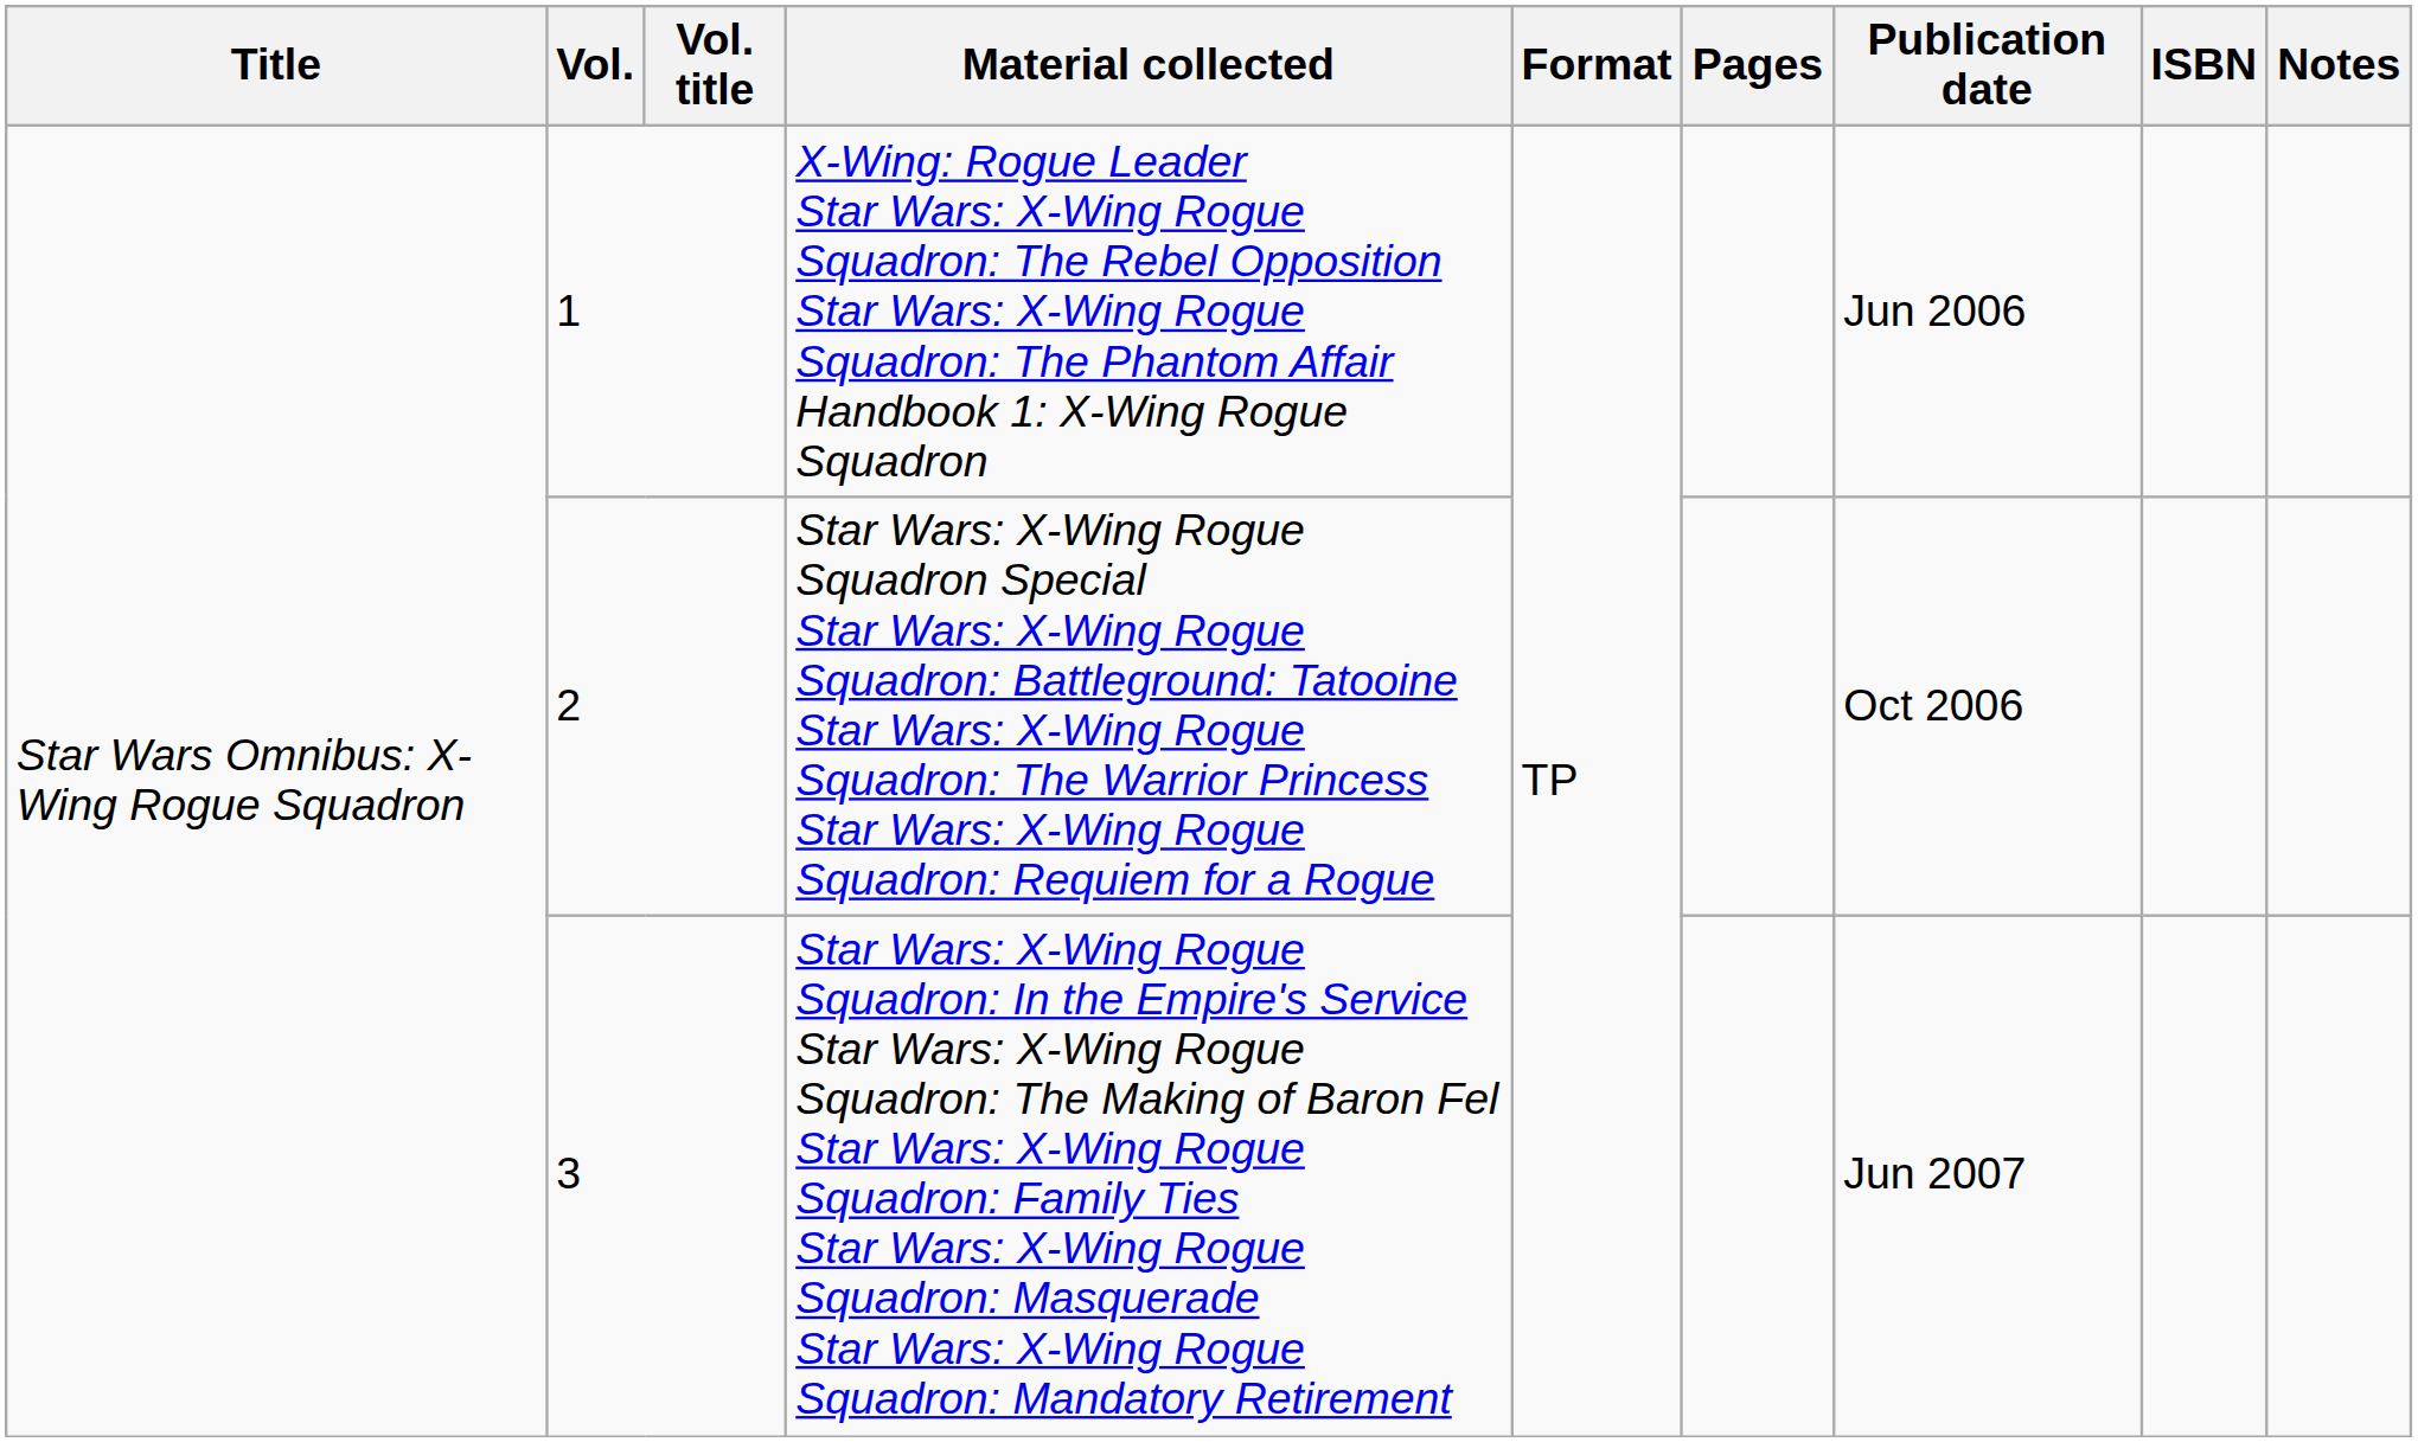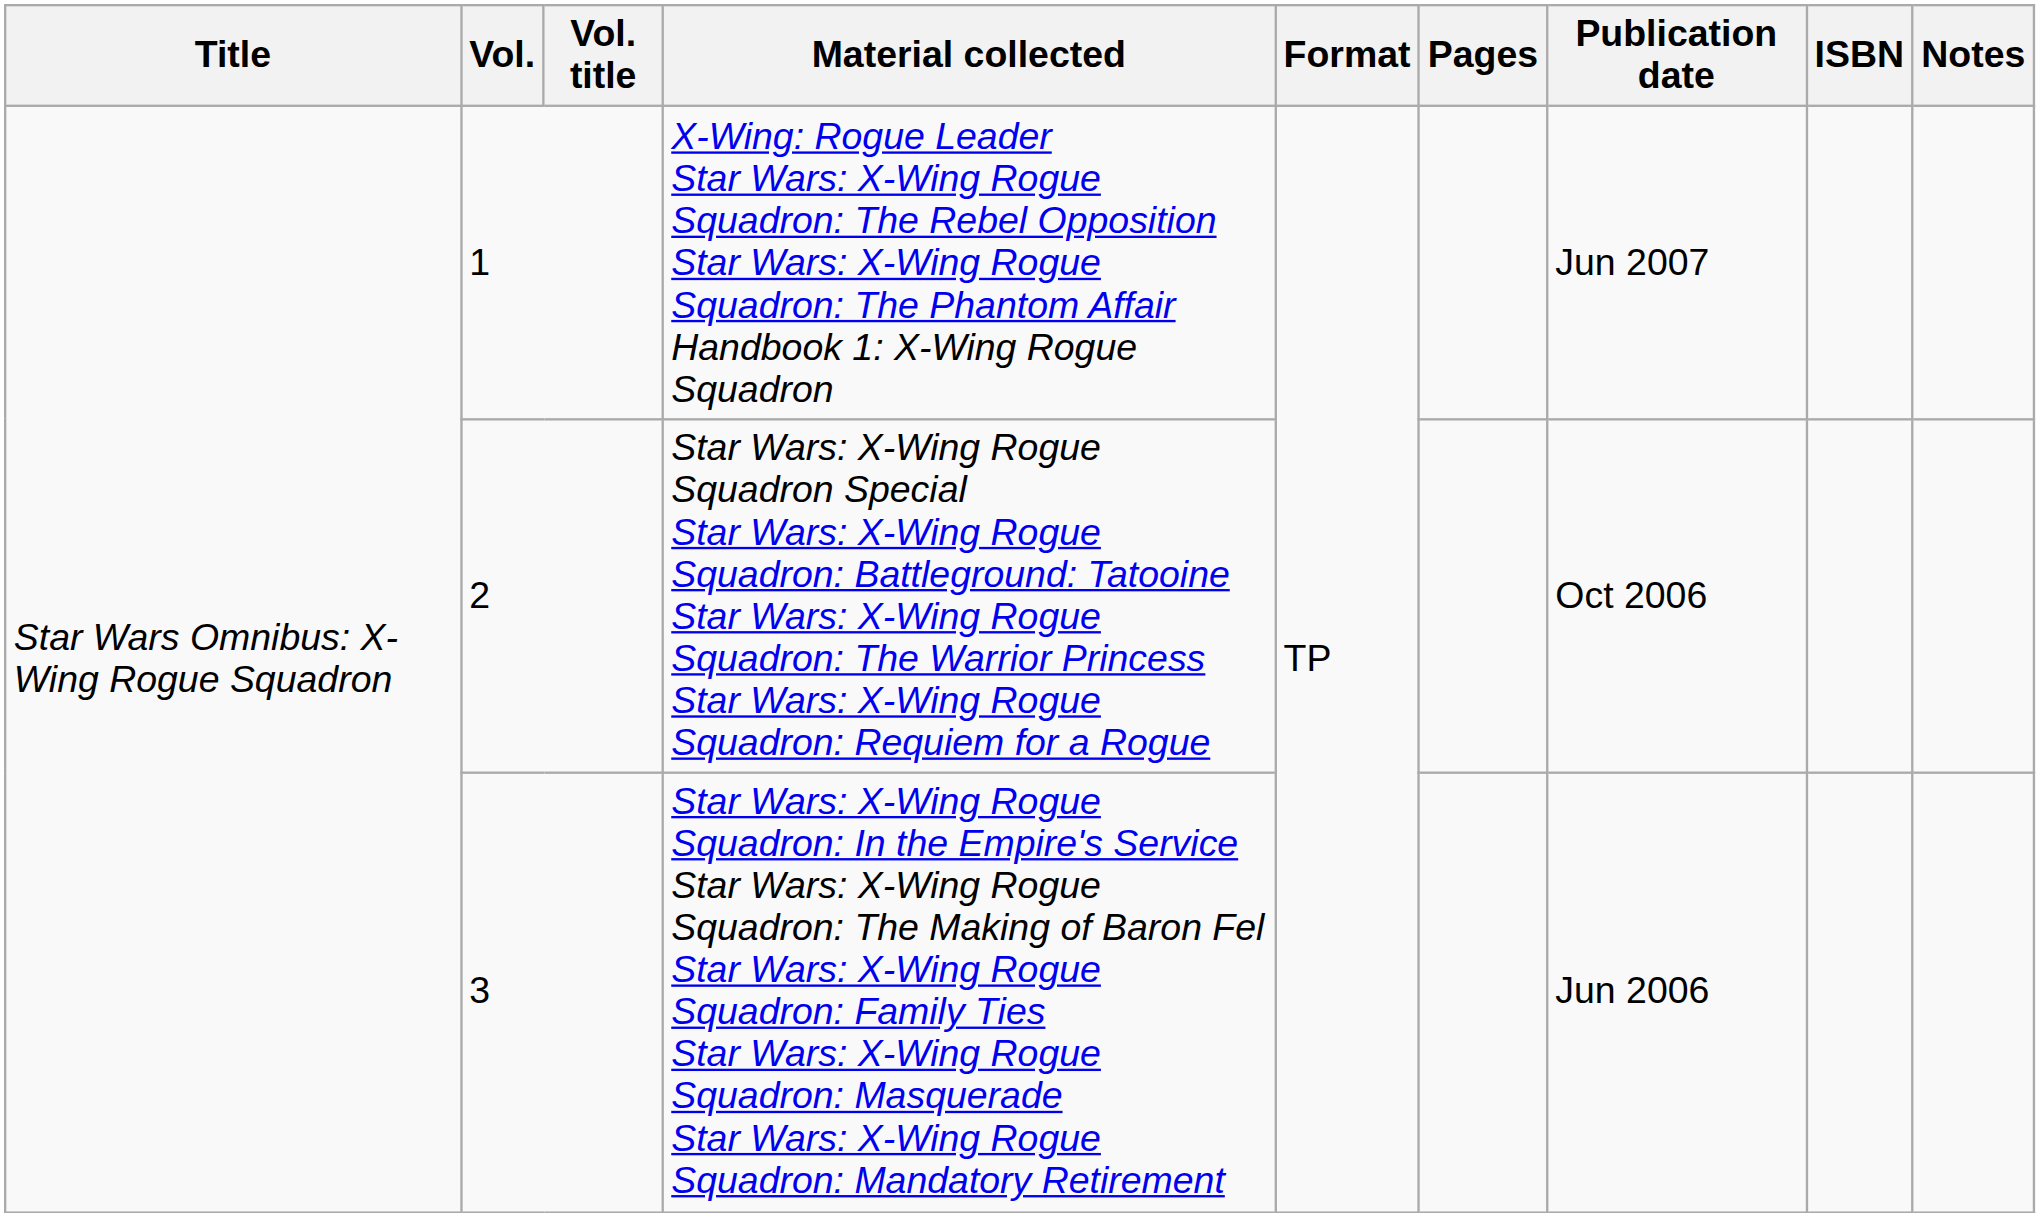 <table class="wikitable">
 <tr>
 <th>Title</th>
 <th>Vol.</th>
 <th>Vol. title</th>
 <th>Material collected</th>
 <th>Format</th>
 <th>Pages</th>
 <th>Publication date</th>
 <th>ISBN</th>
 <th>Notes</th>
 </tr>
 <tr>
 <td rowspan="3"><em>Star Wars Omnibus: X-Wing Rogue Squadron</em></td>
 <td colspan="2">1</td>
 <td><em><a href='#'>X-Wing: Rogue Leader</a></em><br><em><a href='#'>Star Wars: X-Wing Rogue Squadron: The Rebel Opposition</a><br><a href='#'>Star Wars: X-Wing Rogue Squadron: The Phantom Affair</a><br>Handbook 1: X-Wing Rogue Squadron</em></td>
 <td rowspan="3">TP</td>
 <td></td>
-<td>Jun 2006</td>
+<td>Jun 2007</td>
 <td></td>
 <td></td>
 </tr>
 <tr>
 <td colspan="2">2</td>
 <td><em>Star Wars: X-Wing Rogue Squadron Special<br><a href='#'>Star Wars: X-Wing Rogue Squadron: Battleground: Tatooine</a><br><a href='#'>Star Wars: X-Wing Rogue Squadron: The Warrior Princess</a><br><a href='#'>Star Wars: X-Wing Rogue Squadron: Requiem for a Rogue</a></em></td>
 <td></td>
 <td>Oct 2006</td>
 <td></td>
 <td></td>
 </tr>
 <tr>
 <td colspan="2">3</td>
 <td><em><a href='#'>Star Wars: X-Wing Rogue Squadron: In the Empire's Service</a><br>Star Wars: X-Wing Rogue Squadron: The Making of Baron Fel<br><a href='#'>Star Wars: X-Wing Rogue Squadron: Family Ties</a><br><a href='#'>Star Wars: X-Wing Rogue Squadron: Masquerade</a><br><a href='#'>Star Wars: X-Wing Rogue Squadron: Mandatory Retirement</a></em></td>
 <td></td>
-<td>Jun 2007</td>
+<td>Jun 2006</td>
 <td></td>
 <td></td>
 </tr>
 </table>
